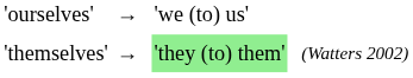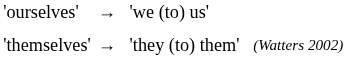 <table style="line-height: 1.4em;" cellpadding="2">
 <tr>
 <td> </td>
 <td> </td>
 <td></td>
 <td>'ourselves'</td>
 <td>→</td>
 <td></td>
 <td>'we (to) us'</td>
 <td></td>
 </tr>
 <tr>
 <td> </td>
 <td> </td>
 <td></td>
 <td>'themselves'</td>
 <td>→</td>
 <td></td>
-<td style="background: lightgreen;">'they (to) them'</td>
+<td>'they (to) them'</td>
 <td></td>
 <td><small><cite>(Watters 2002)</cite></small></td>
 </tr>
 </table>
